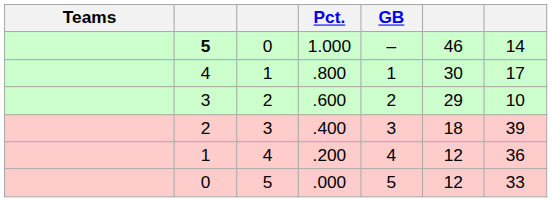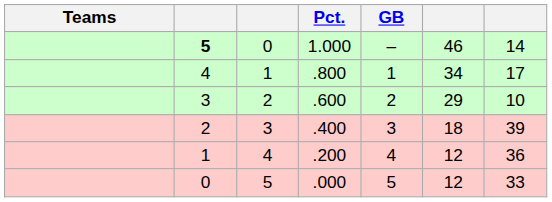 <table class="wikitable" style="text-align:center;">
 <tr>
 <th width=150px>Teams</th>
 <th width=50px></th>
 <th width=50px></th>
 <th width=50px><a href='#'>Pct.</a></th>
 <th width=50px><a href='#'>GB</a></th>
 <th width=50px></th>
 <th width=50px></th>
 </tr>
 <tr style="background-color:#cfc">
 <td align=left></td>
 <td><strong>5</strong></td>
 <td>0</td>
 <td>1.000</td>
 <td>–</td>
 <td>46</td>
 <td>14</td>
 </tr>
 <tr style="background-color:#cfc">
 <td align=left></td>
 <td>4</td>
 <td>1</td>
 <td>.800</td>
 <td>1</td>
-<td>30</td>
+<td>34</td>
 <td>17</td>
 </tr>
 <tr style="background-color:#cfc">
 <td align=left></td>
 <td>3</td>
 <td>2</td>
 <td>.600</td>
 <td>2</td>
 <td>29</td>
 <td>10</td>
 </tr>
 <tr style="background-color:#fcc">
 <td align=left></td>
 <td>2</td>
 <td>3</td>
 <td>.400</td>
 <td>3</td>
 <td>18</td>
 <td>39</td>
 </tr>
 <tr style="background-color:#fcc">
 <td align=left></td>
 <td>1</td>
 <td>4</td>
 <td>.200</td>
 <td>4</td>
 <td>12</td>
 <td>36</td>
 </tr>
 <tr style="background-color:#fcc">
 <td align=left></td>
 <td>0</td>
 <td>5</td>
 <td>.000</td>
 <td>5</td>
 <td>12</td>
 <td>33</td>
 </tr>
 </table>
